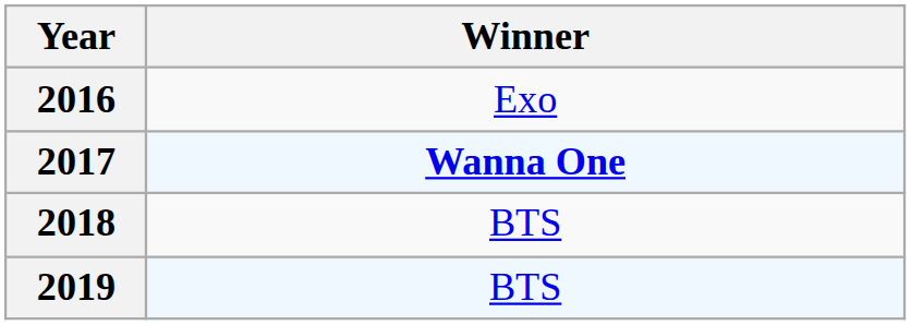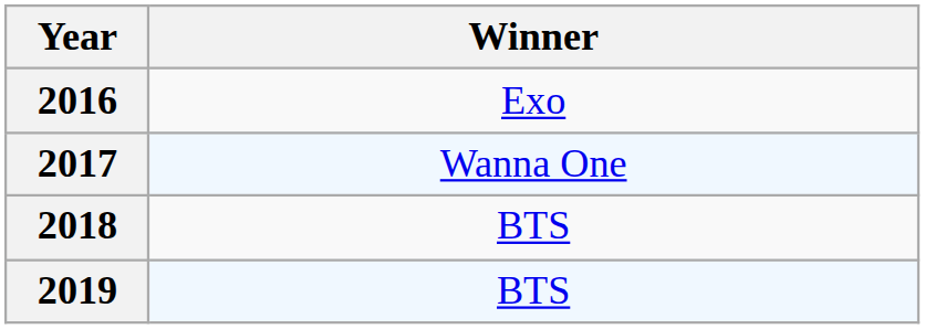 <table class="wikitable plainrowheaders" style="text-align: center">
 <tr>
 <th scope="col" width="50">Year</th>
 <th scope="col" width="300">Winner</th>
 </tr>
 <tr>
 <th scope="row" style="text-align:center;">2016</th>
 <td><a href='#'>Exo</a></td>
 </tr>
 <tr style="background:#F0F8FF">
 <th scope="row" style="text-align:center;">2017</th>
-<td><strong><a href='#'>Wanna One</a></strong></td>
+<td><a href='#'>Wanna One</a></td>
 </tr>
 <tr>
 <th scope="row" style="text-align:center;">2018</th>
 <td><a href='#'>BTS</a></td>
 </tr>
 <tr style="background:#F0F8FF">
 <th scope="row" style="text-align:center;">2019</th>
 <td><a href='#'>BTS</a></td>
 </tr>
 </table>
